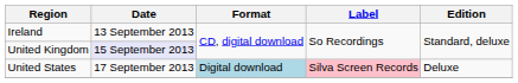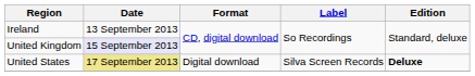 <table class="wikitable plainrowheaders">
 <tr>
 <th scope="col">Region</th>
 <th scope="col">Date</th>
 <th scope="col">Format</th>
 <th scope="col"><a href='#'>Label</a></th>
 <th scope="col">Edition</th>
 </tr>
 <tr>
 <td>Ireland</td>
 <td>13 September 2013</td>
 <td rowspan="2"><a href='#'>CD</a>, <a href='#'>digital download</a></td>
 <td rowspan="2">So Recordings</td>
 <td rowspan="2">Standard, deluxe</td>
 </tr>
 <tr>
 <td>United Kingdom</td>
 <td style="background: lavender;">15 September 2013</td>
 </tr>
 <tr>
 <td>United States</td>
-<td>17 September 2013</td>
-<td style="background: lightblue;">Digital download</td>
-<td style="background: pink;">Silva Screen Records</td>
-<td>Deluxe</td>
+<td style="background: khaki;">17 September 2013</td>
+<td>Digital download</td>
+<td>Silva Screen Records</td>
+<td><strong>Deluxe</strong></td>
 </tr>
 <tr>
 </tr>
 </table>
